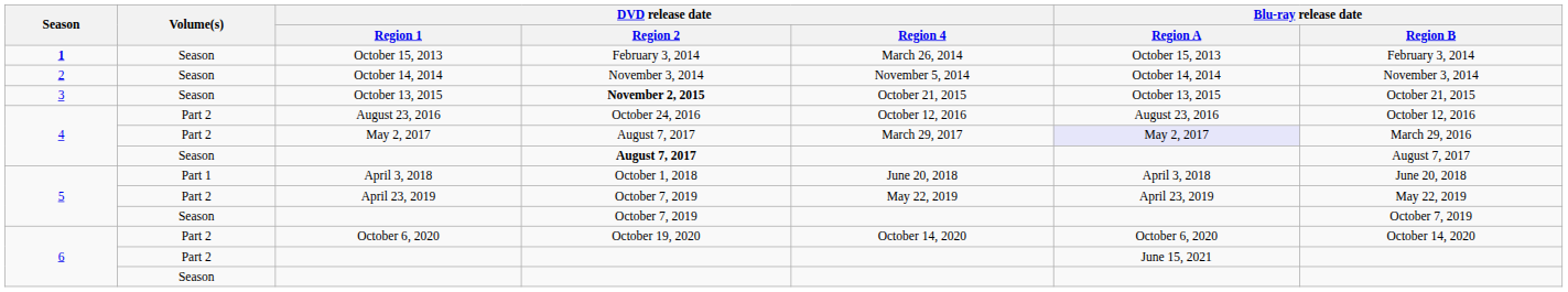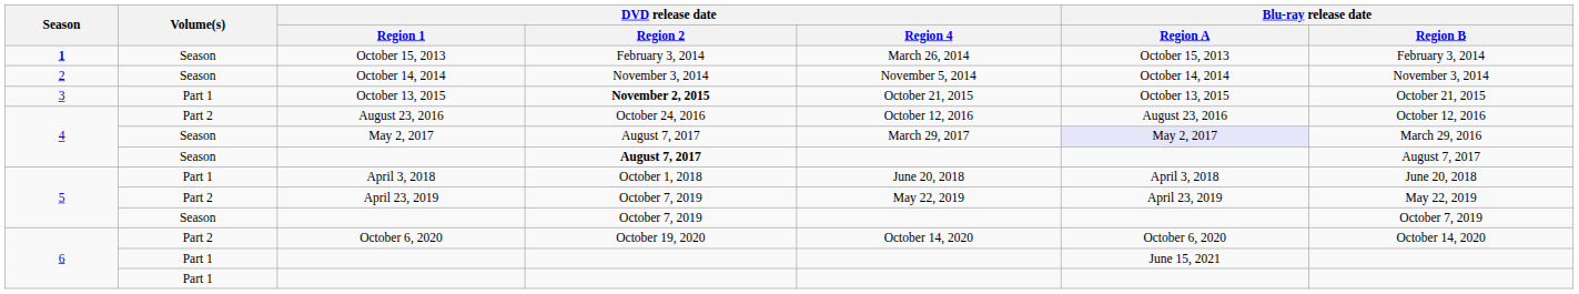 <table class="wikitable" style="text-align:center; width:99%">
 <tr>
 <th rowspan="2" style="4%">Season</th>
 <th rowspan="2" style="4%">Volume(s)</th>
 <th colspan="3" style="48%"><a href='#'>DVD</a> release date</th>
 <th colspan="2" style="48%"><a href='#'>Blu-ray</a> release date</th>
 </tr>
 <tr>
 <th><a href='#'>Region 1</a></th>
 <th><a href='#'>Region 2</a></th>
 <th><a href='#'>Region 4</a></th>
 <th><a href='#'>Region A</a></th>
 <th><a href='#'>Region B</a></th>
 </tr>
 <tr>
 <td><strong><a href='#'>1</a></strong></td>
 <td>Season</td>
 <td>October 15, 2013</td>
 <td>February 3, 2014</td>
 <td>March 26, 2014</td>
 <td>October 15, 2013</td>
 <td>February 3, 2014</td>
 </tr>
 <tr>
 <td><a href='#'>2</a></td>
 <td>Season</td>
 <td>October 14, 2014</td>
 <td>November 3, 2014</td>
 <td>November 5, 2014</td>
 <td>October 14, 2014</td>
 <td>November 3, 2014</td>
 </tr>
 <tr>
 <td><a href='#'>3</a></td>
-<td>Season</td>
+<td>Part 1</td>
 <td>October 13, 2015</td>
 <td><strong>November 2, 2015</strong></td>
 <td>October 21, 2015</td>
 <td>October 13, 2015</td>
 <td>October 21, 2015</td>
 </tr>
 <tr>
 <td rowspan="3"><a href='#'>4</a></td>
 <td>Part 2</td>
 <td>August 23, 2016</td>
 <td>October 24, 2016</td>
 <td>October 12, 2016</td>
 <td>August 23, 2016</td>
 <td>October 12, 2016</td>
 </tr>
 <tr>
-<td>Part 2</td>
+<td>Season</td>
 <td>May 2, 2017</td>
 <td>August 7, 2017</td>
 <td>March 29, 2017</td>
 <td style="background: lavender;">May 2, 2017</td>
 <td>March 29, 2016</td>
 </tr>
 <tr>
 <td>Season</td>
 <td></td>
 <td><strong>August 7, 2017</strong></td>
 <td></td>
 <td></td>
 <td>August 7, 2017</td>
 </tr>
 <tr>
 <td rowspan="3"><a href='#'>5</a></td>
 <td>Part 1</td>
 <td>April 3, 2018</td>
 <td>October 1, 2018</td>
 <td>June 20, 2018</td>
 <td>April 3, 2018</td>
 <td>June 20, 2018</td>
 </tr>
 <tr>
 <td>Part 2</td>
 <td>April 23, 2019</td>
 <td>October 7, 2019</td>
 <td>May 22, 2019</td>
 <td>April 23, 2019</td>
 <td>May 22, 2019</td>
 </tr>
 <tr>
 <td>Season</td>
 <td></td>
 <td>October 7, 2019</td>
 <td></td>
 <td></td>
 <td>October 7, 2019</td>
 </tr>
 <tr>
 <td rowspan="3"><a href='#'>6</a></td>
 <td>Part 2</td>
 <td>October 6, 2020</td>
 <td>October 19, 2020</td>
 <td>October 14, 2020</td>
 <td>October 6, 2020</td>
 <td>October 14, 2020</td>
 </tr>
 <tr>
-<td>Part 2</td>
+<td>Part 1</td>
 <td></td>
 <td></td>
 <td></td>
 <td>June 15, 2021</td>
 <td></td>
 </tr>
 <tr>
-<td>Season</td>
+<td>Part 1</td>
 <td></td>
 <td></td>
 <td></td>
 <td></td>
 <td></td>
 </tr>
 </table>
